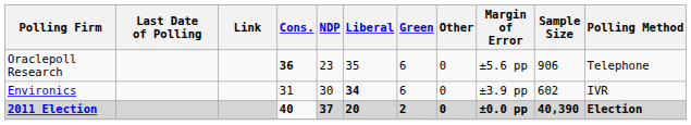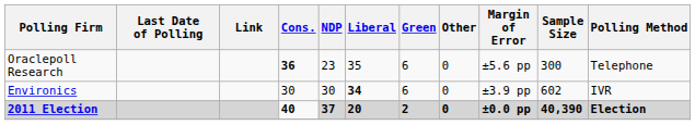 <table class="wikitable sortable">
 <tr style="background:#e9e9e9;">
 <th style="width:120px">Polling Firm</th>
 <th style="width:110px">Last Date<br>of Polling</th>
 <th style="width:60px" class="unsortable">Link</th>
 <th style="background-color:"><strong><a href='#'>Cons.</a></strong></th>
 <th style="background-color:"><strong><a href='#'>NDP</a></strong></th>
 <th style="background-color:"><strong><a href='#'>Liberal</a></strong></th>
 <th style="background-color:"><strong><a href='#'>Green</a></strong></th>
 <th style="background-color:"><strong>Other</strong></th>
 <th style="width:60px;" class=unsortable>Margin<br>of Error</th>
 <th style="width:50px;" class=unsortable>Sample<br>Size</th>
 <th class=unsortable>Polling Method</th>
 </tr>
 <tr>
 <td>Oraclepoll Research</td>
 <td></td>
 <td></td>
 <td><strong>36</strong></td>
 <td>23</td>
 <td>35</td>
 <td>6</td>
 <td>0</td>
 <td>±5.6 pp</td>
-<td>906</td>
+<td>300</td>
 <td>Telephone</td>
 </tr>
 <tr>
 <td><a href='#'>Environics</a></td>
 <td></td>
 <td></td>
-<td>31</td>
+<td>30</td>
 <td>30</td>
 <td><strong>34</strong></td>
 <td>6</td>
 <td>0</td>
 <td>±3.9 pp</td>
 <td>602</td>
 <td>IVR</td>
 </tr>
 <tr>
 <td style="background:#D5D5D5"><strong><a href='#'>2011 Election</a></strong></td>
 <td style="background:#D5D5D5"><strong></strong></td>
 <td style="background:#D5D5D5"></td>
 <td><strong>40</strong></td>
 <td style="background:#D5D5D5"><strong>37</strong></td>
 <td style="background:#D5D5D5"><strong>20</strong></td>
 <td style="background:#D5D5D5"><strong>2</strong></td>
 <td style="background:#D5D5D5"><strong>0</strong></td>
 <td style="background:#D5D5D5"><strong>±0.0 pp</strong></td>
 <td style="background:#D5D5D5"><strong>40,390</strong></td>
 <td style="background:#D5D5D5"><strong>Election</strong></td>
 </tr>
 <tr>
 </tr>
 <tr>
 </tr>
 </table>
